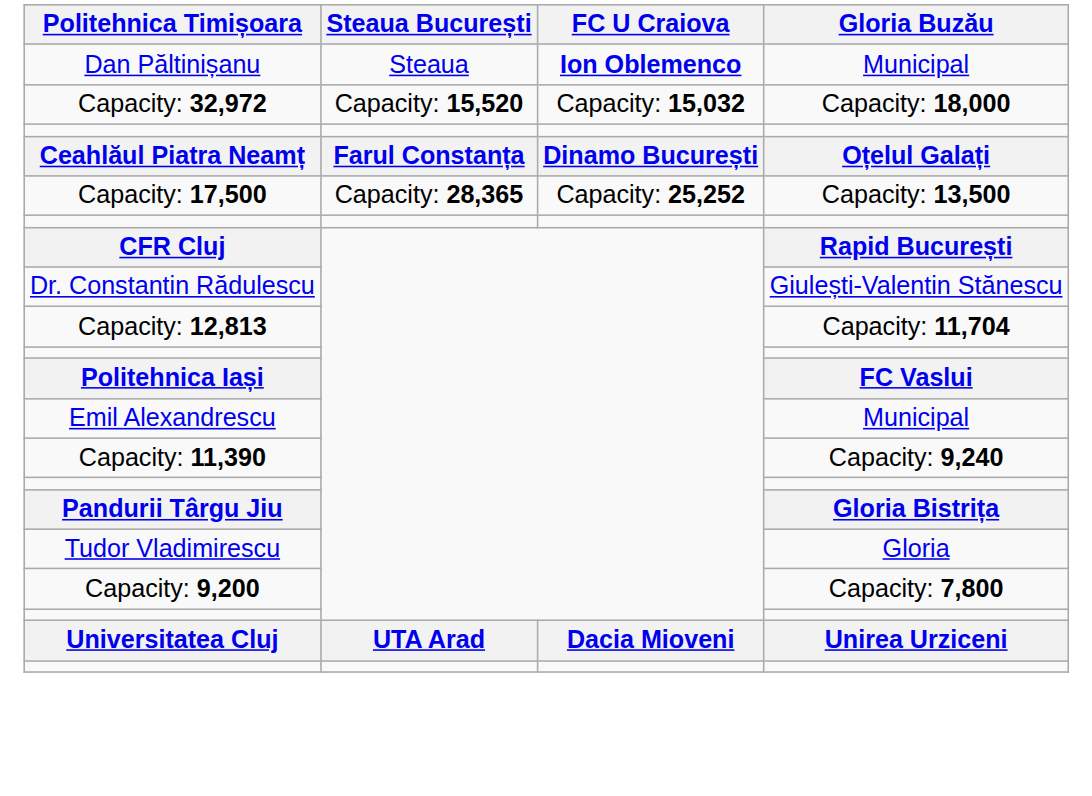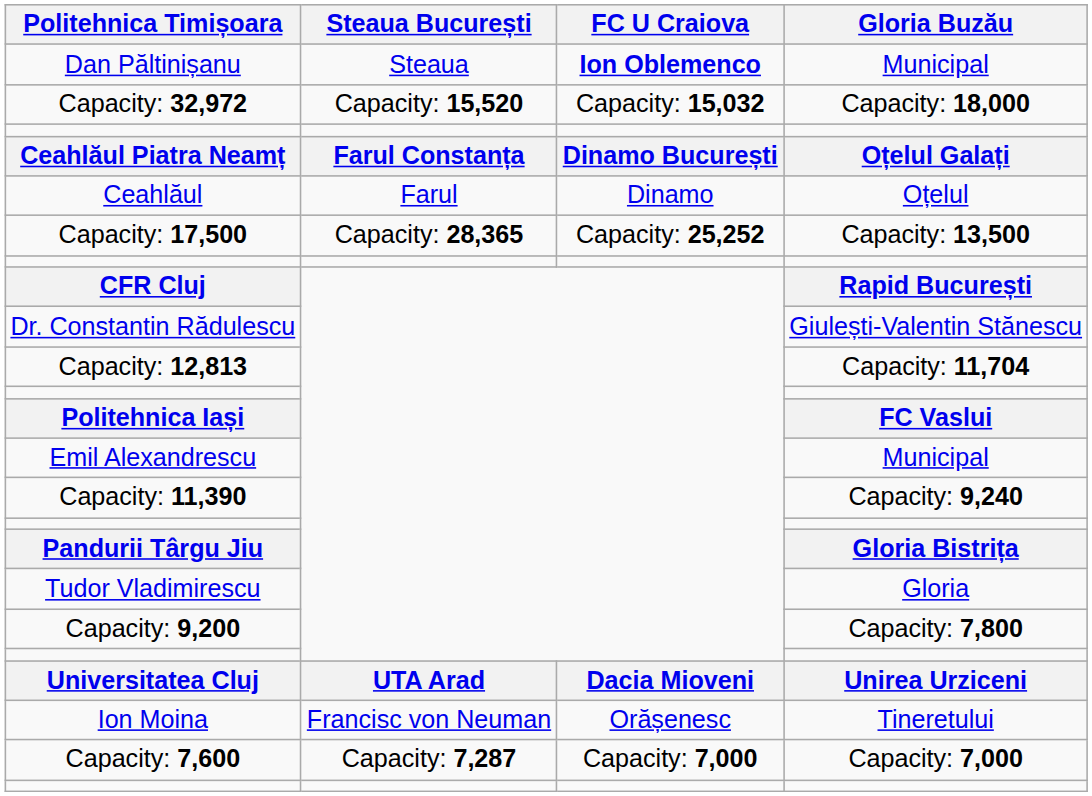 <table class="wikitable" style="text-align:center; margin:0.5em auto;">
 <tr>
 <th><a href='#'>Politehnica Timișoara</a></th>
 <th><a href='#'>Steaua București</a></th>
 <th><a href='#'>FC U Craiova</a></th>
 <th><a href='#'>Gloria Buzău</a></th>
 </tr>
 <tr>
 <td><a href='#'>Dan Păltinișanu</a></td>
 <td><a href='#'>Steaua</a></td>
 <td><strong><a href='#'>Ion Oblemenco</a></strong></td>
 <td><a href='#'>Municipal</a></td>
 </tr>
 <tr>
 <td>Capacity: <strong>32,972</strong></td>
 <td>Capacity: <strong>15,520</strong></td>
 <td>Capacity: <strong>15,032</strong></td>
 <td>Capacity: <strong>18,000</strong></td>
 </tr>
 <tr>
 <td></td>
 <td></td>
 <td></td>
 <td></td>
 </tr>
 <tr>
 <th><a href='#'>Ceahlăul Piatra Neamț</a></th>
 <th><a href='#'>Farul Constanța</a></th>
 <th><a href='#'>Dinamo București</a></th>
 <th><a href='#'>Oțelul Galați</a></th>
+</tr>
+<tr>
+<td><a href='#'>Ceahlăul</a></td>
+<td><a href='#'>Farul</a></td>
+<td><a href='#'>Dinamo</a></td>
+<td><a href='#'>Oțelul</a></td>
 </tr>
 <tr>
 <td>Capacity: <strong>17,500</strong></td>
 <td>Capacity: <strong>28,365</strong></td>
 <td>Capacity: <strong>25,252</strong></td>
 <td>Capacity: <strong>13,500</strong></td>
 </tr>
 <tr>
 <td></td>
 <td></td>
 <td></td>
 <td></td>
 </tr>
 <tr>
 <th><a href='#'>CFR Cluj</a></th>
 <td colspan="2" rowspan="12"><br> </td>
 <th><a href='#'>Rapid București</a></th>
 </tr>
 <tr>
 <td><a href='#'>Dr. Constantin Rădulescu</a></td>
 <td><a href='#'>Giulești-Valentin Stănescu</a></td>
 </tr>
 <tr>
 <td>Capacity: <strong>12,813</strong></td>
 <td>Capacity: <strong>11,704</strong></td>
 </tr>
 <tr>
 <td></td>
 <td></td>
 </tr>
 <tr>
 <th><a href='#'>Politehnica Iași</a></th>
 <th><a href='#'>FC Vaslui</a></th>
 </tr>
 <tr>
 <td><a href='#'>Emil Alexandrescu</a></td>
 <td><a href='#'>Municipal</a></td>
 </tr>
 <tr>
 <td>Capacity: <strong>11,390</strong></td>
 <td>Capacity: <strong>9,240</strong></td>
 </tr>
 <tr>
 <td></td>
 <td></td>
 </tr>
 <tr>
 <th><a href='#'>Pandurii Târgu Jiu</a></th>
 <th><a href='#'>Gloria Bistrița</a></th>
 </tr>
 <tr>
 <td><a href='#'>Tudor Vladimirescu</a></td>
 <td><a href='#'>Gloria</a></td>
 </tr>
 <tr>
 <td>Capacity: <strong>9,200</strong></td>
 <td>Capacity: <strong>7,800</strong></td>
 </tr>
 <tr>
 <td></td>
 <td></td>
 </tr>
 <tr>
 <th><a href='#'>Universitatea Cluj</a></th>
 <th><a href='#'>UTA Arad</a></th>
 <th><a href='#'>Dacia Mioveni</a></th>
 <th><a href='#'>Unirea Urziceni</a></th>
 </tr>
 <tr>
+<td><a href='#'>Ion Moina</a></td>
+<td><a href='#'>Francisc von Neuman</a></td>
+<td><a href='#'>Orășenesc</a></td>
+<td><a href='#'>Tineretului</a></td>
+</tr>
+<tr>
+<td>Capacity: <strong>7,600</strong></td>
+<td>Capacity: <strong>7,287</strong></td>
+<td>Capacity: <strong>7,000</strong></td>
+<td>Capacity: <strong>7,000</strong></td>
+</tr>
+<tr>
 <td></td>
 <td></td>
 <td></td>
 <td></td>
 </tr>
 </table>
